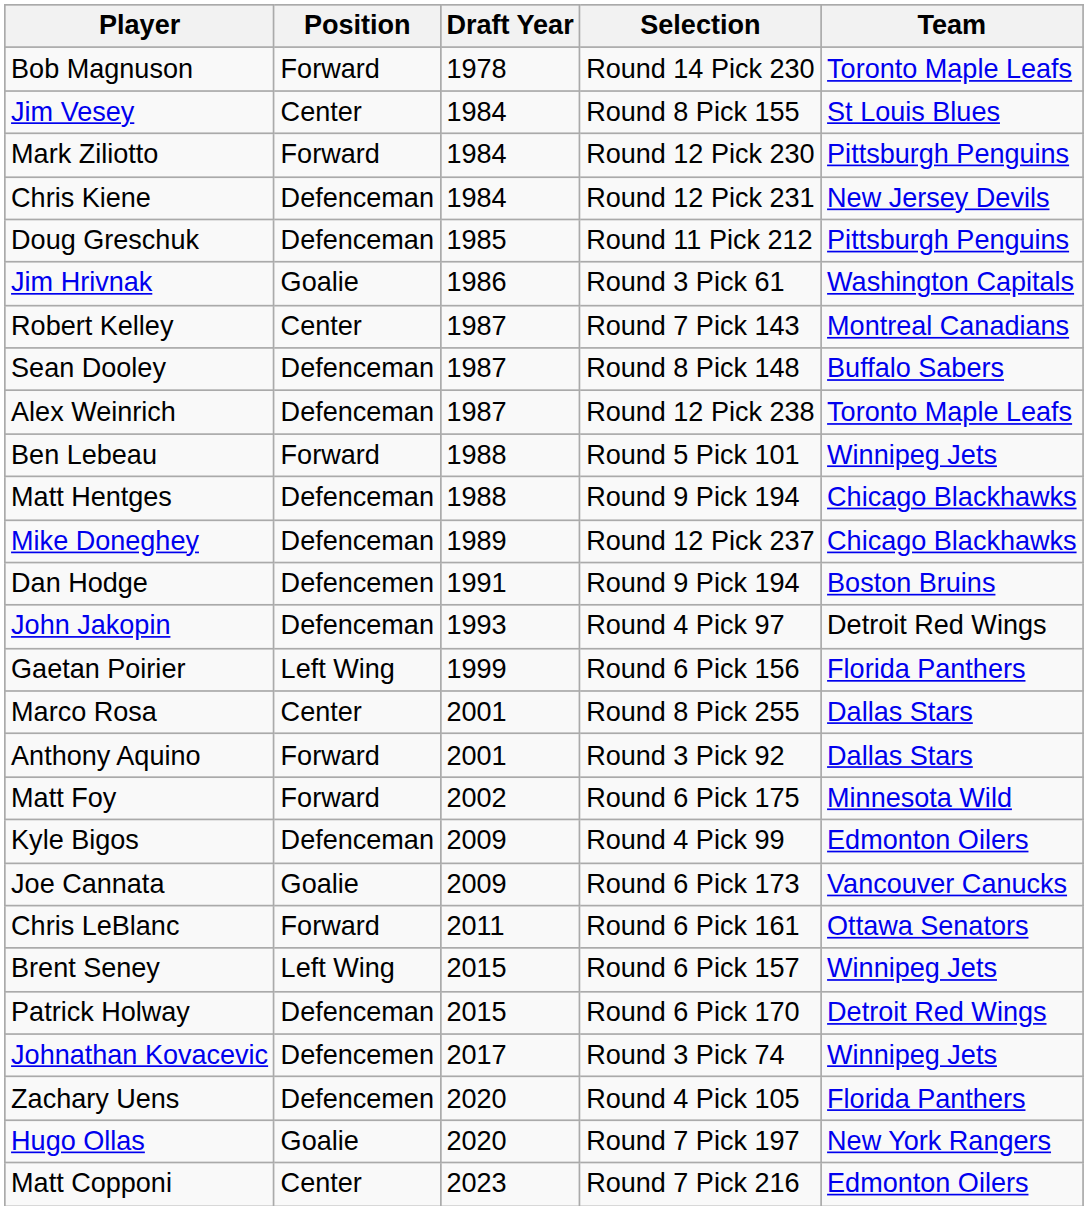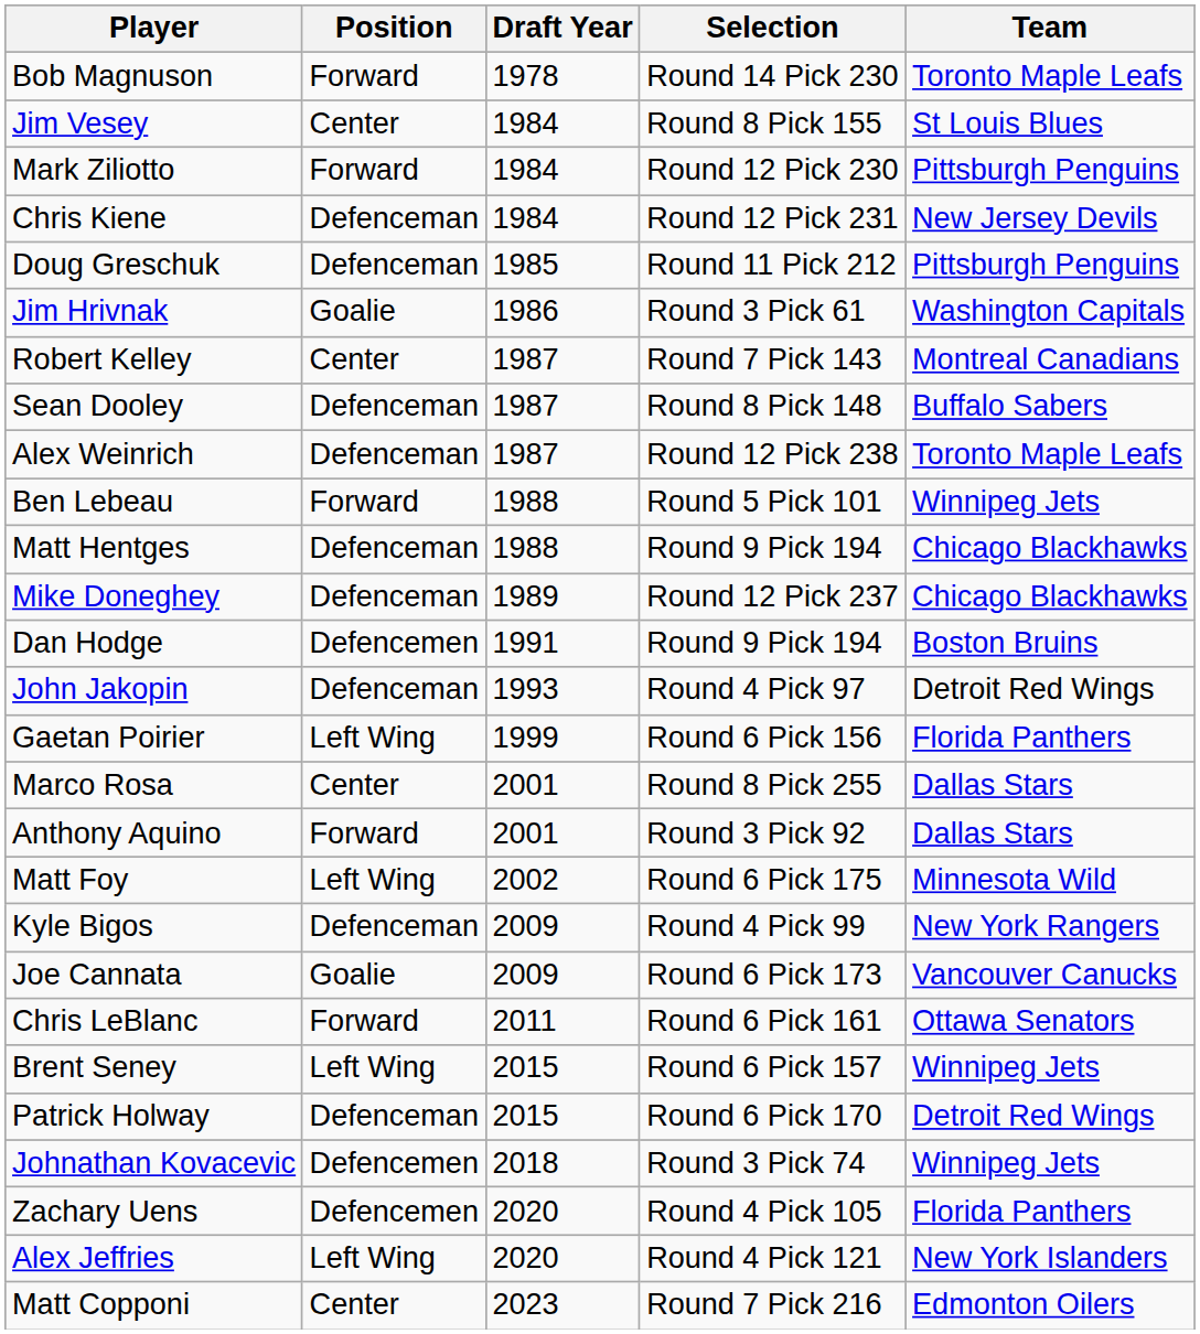 <table class="wikitable sortable">
 <tr>
 <th>Player</th>
 <th>Position</th>
 <th>Draft Year</th>
 <th>Selection</th>
 <th>Team</th>
 </tr>
 <tr>
 <td>Bob Magnuson</td>
 <td>Forward</td>
 <td>1978</td>
 <td>Round 14 Pick 230</td>
 <td><a href='#'>Toronto Maple Leafs</a></td>
 </tr>
 <tr>
 <td><a href='#'>Jim Vesey</a></td>
 <td>Center</td>
 <td>1984</td>
 <td>Round 8 Pick 155</td>
 <td><a href='#'>St Louis Blues</a></td>
 </tr>
 <tr>
 <td>Mark Ziliotto</td>
 <td>Forward</td>
 <td>1984</td>
 <td>Round 12 Pick 230</td>
 <td><a href='#'>Pittsburgh Penguins</a></td>
 </tr>
 <tr>
 <td>Chris Kiene</td>
 <td>Defenceman</td>
 <td>1984</td>
 <td>Round 12 Pick 231</td>
 <td><a href='#'>New Jersey Devils</a></td>
 </tr>
 <tr>
 <td>Doug Greschuk</td>
 <td>Defenceman</td>
 <td>1985</td>
 <td>Round 11 Pick 212</td>
 <td><a href='#'>Pittsburgh Penguins</a></td>
 </tr>
 <tr>
 <td><a href='#'>Jim Hrivnak</a></td>
 <td>Goalie</td>
 <td>1986</td>
 <td>Round 3 Pick 61</td>
 <td><a href='#'>Washington Capitals</a></td>
 </tr>
 <tr>
 <td>Robert Kelley</td>
 <td>Center</td>
 <td>1987</td>
 <td>Round 7 Pick 143</td>
 <td><a href='#'>Montreal Canadians</a></td>
 </tr>
 <tr>
 <td>Sean Dooley</td>
 <td>Defenceman</td>
 <td>1987</td>
 <td>Round 8 Pick 148</td>
 <td><a href='#'>Buffalo Sabers</a></td>
 </tr>
 <tr>
 <td>Alex Weinrich</td>
 <td>Defenceman</td>
 <td>1987</td>
 <td>Round 12 Pick 238</td>
 <td><a href='#'>Toronto Maple Leafs</a></td>
 </tr>
 <tr>
 <td>Ben Lebeau</td>
 <td>Forward</td>
 <td>1988</td>
 <td>Round 5 Pick 101</td>
 <td><a href='#'>Winnipeg Jets</a></td>
 </tr>
 <tr>
 <td>Matt Hentges</td>
 <td>Defenceman</td>
 <td>1988</td>
 <td>Round 9 Pick 194</td>
 <td><a href='#'>Chicago Blackhawks</a></td>
 </tr>
 <tr>
 <td><a href='#'>Mike Doneghey</a></td>
 <td>Defenceman</td>
 <td>1989</td>
 <td>Round 12 Pick 237</td>
 <td><a href='#'>Chicago Blackhawks</a></td>
 </tr>
 <tr>
 <td>Dan Hodge</td>
 <td>Defencemen</td>
 <td>1991</td>
 <td>Round 9 Pick 194</td>
 <td><a href='#'>Boston Bruins</a></td>
 </tr>
 <tr>
 <td><a href='#'>John Jakopin</a></td>
 <td>Defenceman</td>
 <td>1993</td>
 <td>Round 4 Pick 97</td>
 <td>Detroit Red Wings</td>
 </tr>
 <tr>
 <td>Gaetan Poirier</td>
 <td>Left Wing</td>
 <td>1999</td>
 <td>Round 6 Pick 156</td>
 <td><a href='#'>Florida Panthers</a></td>
 </tr>
 <tr>
 <td>Marco Rosa</td>
 <td>Center</td>
 <td>2001</td>
 <td>Round 8 Pick 255</td>
 <td><a href='#'>Dallas Stars</a></td>
 </tr>
 <tr>
 <td>Anthony Aquino</td>
 <td>Forward</td>
 <td>2001</td>
 <td>Round 3 Pick 92</td>
 <td><a href='#'>Dallas Stars</a></td>
 </tr>
 <tr>
 <td>Matt Foy</td>
-<td>Forward</td>
+<td>Left Wing</td>
 <td>2002</td>
 <td>Round 6 Pick 175</td>
 <td><a href='#'>Minnesota Wild</a></td>
 </tr>
 <tr>
 <td>Kyle Bigos</td>
 <td>Defenceman</td>
 <td>2009</td>
 <td>Round 4 Pick 99</td>
-<td><a href='#'>Edmonton Oilers</a></td>
+<td><a href='#'>New York Rangers</a></td>
 </tr>
 <tr>
 <td>Joe Cannata</td>
 <td>Goalie</td>
 <td>2009</td>
 <td>Round 6 Pick 173</td>
 <td><a href='#'>Vancouver Canucks</a></td>
 </tr>
 <tr>
 <td>Chris LeBlanc</td>
 <td>Forward</td>
 <td>2011</td>
 <td>Round 6 Pick 161</td>
 <td><a href='#'>Ottawa Senators</a></td>
 </tr>
 <tr>
 <td>Brent Seney</td>
 <td>Left Wing</td>
 <td>2015</td>
 <td>Round 6 Pick 157</td>
 <td><a href='#'>Winnipeg Jets</a></td>
 </tr>
 <tr>
 <td>Patrick Holway</td>
 <td>Defenceman</td>
 <td>2015</td>
 <td>Round 6 Pick 170</td>
 <td><a href='#'>Detroit Red Wings</a></td>
 </tr>
 <tr>
 <td><a href='#'>Johnathan Kovacevic</a></td>
 <td>Defencemen</td>
-<td>2017</td>
+<td>2018</td>
 <td>Round 3 Pick 74</td>
 <td><a href='#'>Winnipeg Jets</a></td>
 </tr>
 <tr>
 <td>Zachary Uens</td>
 <td>Defencemen</td>
 <td>2020</td>
 <td>Round 4 Pick 105</td>
 <td><a href='#'>Florida Panthers</a></td>
 </tr>
 <tr>
-<td><a href='#'>Hugo Ollas</a></td>
-<td>Goalie</td>
+<td><a href='#'>Alex Jeffries</a></td>
+<td>Left Wing</td>
 <td>2020</td>
-<td>Round 7 Pick 197</td>
-<td><a href='#'>New York Rangers</a></td>
+<td>Round 4 Pick 121</td>
+<td><a href='#'>New York Islanders</a></td>
 </tr>
 <tr>
 <td>Matt Copponi</td>
 <td>Center</td>
 <td>2023</td>
 <td>Round 7 Pick 216</td>
 <td><a href='#'>Edmonton Oilers</a></td>
 </tr>
 </table>
